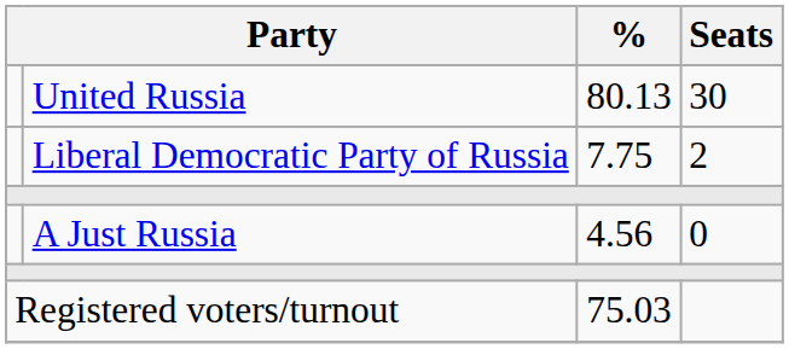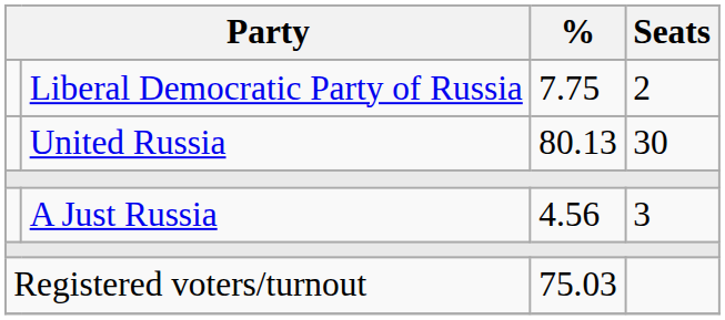 <table class="wikitable">
 <tr>
 <th colspan=2>Party</th>
 <th>%</th>
 <th>Seats</th>
 </tr>
 <tr>
 <td style="background:"></td>
+<td><a href='#'>Liberal Democratic Party of Russia</a></td>
+<td>7.75</td>
+<td>2</td>
+</tr>
+<tr>
+<td style="background:"></td>
 <td><a href='#'>United Russia</a></td>
 <td>80.13</td>
 <td>30</td>
-</tr>
-<tr>
-<td style="background:"></td>
-<td><a href='#'>Liberal Democratic Party of Russia</a></td>
-<td>7.75</td>
-<td>2</td>
 </tr>
 <tr>
 <td colspan=4 style="background:#E9E9E9;"></td>
 </tr>
 <tr>
 <td style="background:"></td>
 <td><a href='#'>A Just Russia</a></td>
 <td>4.56</td>
-<td>0</td>
+<td>3</td>
 </tr>
 <tr>
 <td colspan=4 style="background:#E9E9E9;"></td>
 </tr>
 <tr>
 <td align=left colspan=2>Registered voters/turnout</td>
 <td>75.03</td>
 <td></td>
 </tr>
 <tr>
 </tr>
 </table>
